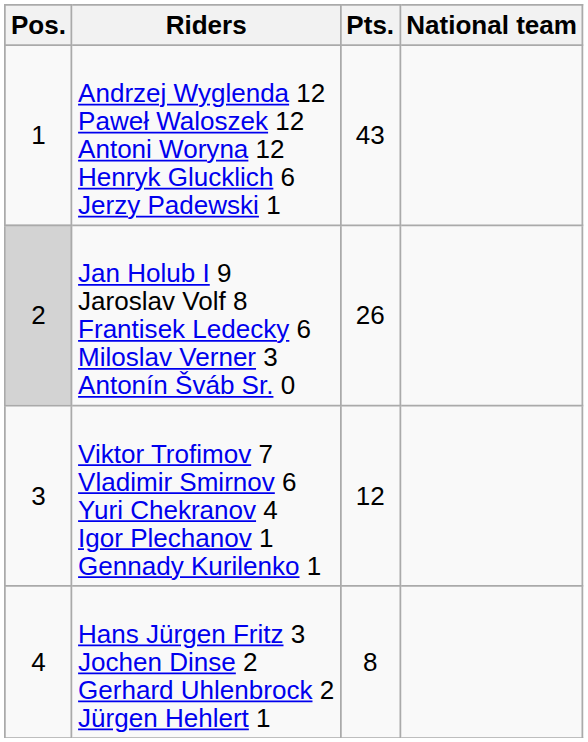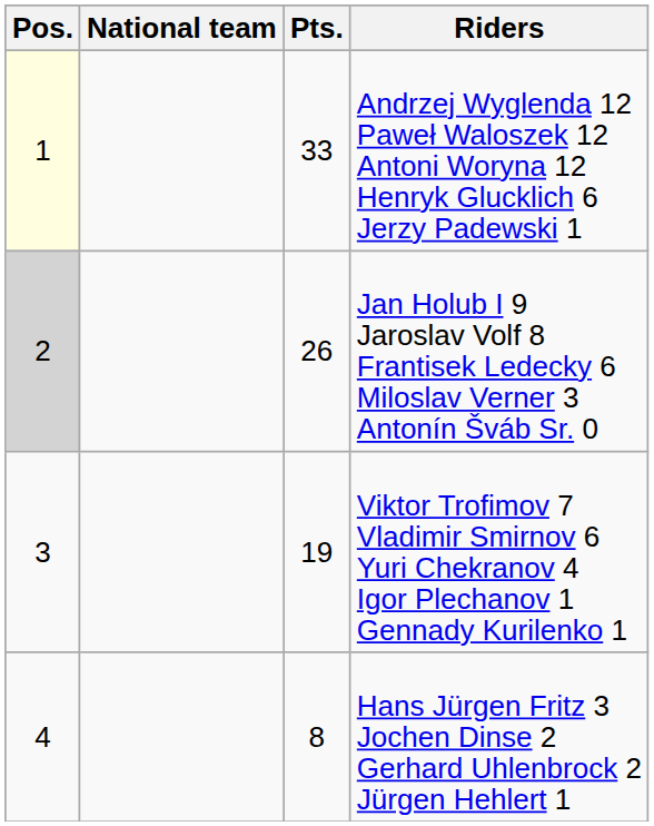 <table class=wikitable style="font-size:93%;">
 <tr>
 <th>Pos.</th>
+<th>National team</th>
+<th>Pts.</th>
 <th>Riders</th>
-<th>Pts.</th>
-<th>National team</th>
 </tr>
 <tr align=center >
-<td>1</td>
+<td style="background: lightyellow;">1</td>
+<td align=left></td>
+<td>33</td>
 <td align=left><br><a href='#'>Andrzej Wyglenda</a> 12<br> <a href='#'>Paweł Waloszek</a> 12<br> <a href='#'>Antoni Woryna</a> 12<br> <a href='#'>Henryk Glucklich</a> 6<br> <a href='#'>Jerzy Padewski</a> 1</td>
-<td>43</td>
-<td align=left></td>
 </tr>
 <tr align=center >
 <td style="background: lightgrey;">2</td>
+<td align=left></td>
+<td>26</td>
 <td align=left><br><a href='#'>Jan Holub I</a> 9<br> Jaroslav Volf 8<br> <a href='#'>Frantisek Ledecky</a> 6<br> <a href='#'>Miloslav Verner</a> 3<br> <a href='#'>Antonín Šváb Sr.</a> 0</td>
-<td>26</td>
-<td align=left></td>
 </tr>
 <tr align=center>
 <td>3</td>
+<td align=left></td>
+<td>19</td>
 <td align=left><br><a href='#'>Viktor Trofimov</a> 7<br> <a href='#'>Vladimir Smirnov</a> 6<br> <a href='#'>Yuri Chekranov</a> 4<br> <a href='#'>Igor Plechanov</a> 1<br> <a href='#'>Gennady Kurilenko</a> 1</td>
-<td>12</td>
-<td align=left></td>
 </tr>
 <tr align=center>
 <td>4</td>
+<td align=left></td>
+<td>8</td>
 <td align=left><br><a href='#'>Hans Jürgen Fritz</a> 3<br> <a href='#'>Jochen Dinse</a> 2<br> <a href='#'>Gerhard Uhlenbrock</a> 2<br> <a href='#'>Jürgen Hehlert</a> 1<br></td>
-<td>8</td>
-<td align=left></td>
 </tr>
 </table>
